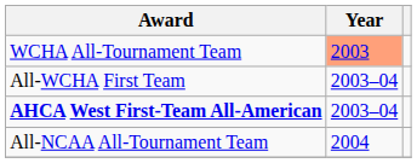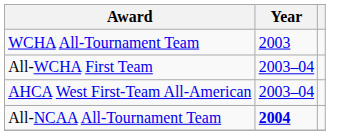 <table class="wikitable">
 <tr>
 <th>Award</th>
 <th>Year</th>
 <th></th>
 </tr>
 <tr>
 <td><a href='#'>WCHA</a> <a href='#'>All-Tournament Team</a></td>
-<td style="background: lightsalmon;"><a href='#'>2003</a></td>
+<td><a href='#'>2003</a></td>
 <td></td>
 </tr>
 <tr>
 <td>All-<a href='#'>WCHA</a> <a href='#'>First Team</a></td>
 <td><a href='#'>2003–04</a></td>
 <td></td>
 </tr>
 <tr>
-<td><strong><a href='#'>AHCA</a> <a href='#'>West First-Team All-American</a></strong></td>
+<td><a href='#'>AHCA</a> <a href='#'>West First-Team All-American</a></td>
 <td><a href='#'>2003–04</a></td>
 <td></td>
 </tr>
 <tr>
 <td>All-<a href='#'>NCAA</a> <a href='#'>All-Tournament Team</a></td>
-<td><a href='#'>2004</a></td>
+<td><strong><a href='#'>2004</a></strong></td>
 <td></td>
 </tr>
 <tr>
 </tr>
 </table>
